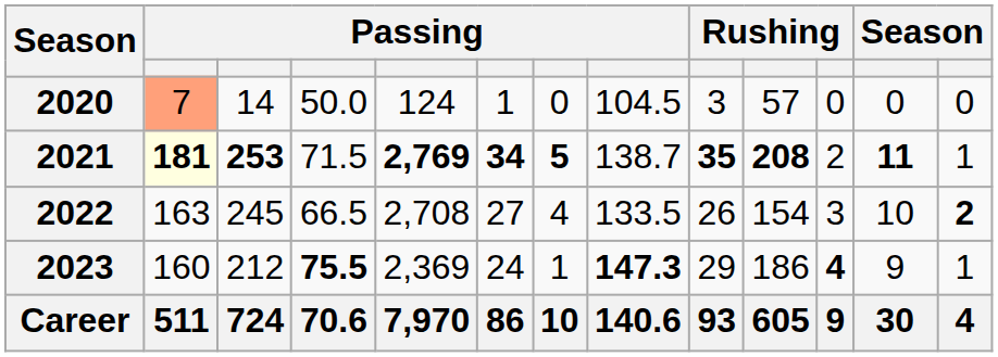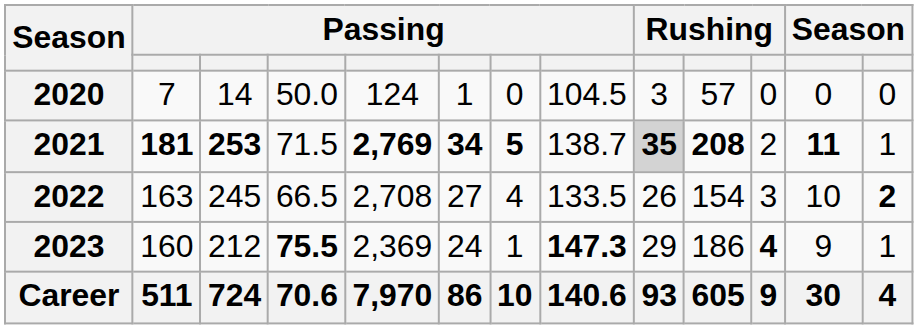 <table class=wikitable style="text-align:center;">
 <tr>
 <th rowspan="2">Season</th>
 <th colspan="7">Passing</th>
 <th colspan="3">Rushing</th>
 <th colspan="2">Season</th>
 </tr>
 <tr>
 <th></th>
 <th></th>
 <th></th>
 <th></th>
 <th></th>
 <th></th>
 <th></th>
 <th></th>
 <th></th>
 <th></th>
 <th></th>
 <th></th>
 </tr>
 <tr>
 <th>2020</th>
-<td style="background: lightsalmon;">7</td>
+<td>7</td>
 <td>14</td>
 <td>50.0</td>
 <td>124</td>
 <td>1</td>
 <td>0</td>
 <td>104.5</td>
 <td>3</td>
 <td>57</td>
 <td>0</td>
 <td>0</td>
 <td>0</td>
 </tr>
 <tr>
 <th>2021</th>
-<td style="background: lightyellow;"><strong>181</strong></td>
+<td><strong>181</strong></td>
 <td><strong>253</strong></td>
 <td>71.5</td>
 <td><strong>2,769</strong></td>
 <td><strong>34</strong></td>
 <td><strong>5</strong></td>
 <td>138.7</td>
-<td><strong>35</strong></td>
+<td style="background: lightgrey;"><strong>35</strong></td>
 <td><strong>208</strong></td>
 <td>2</td>
 <td><strong>11</strong></td>
 <td>1</td>
 </tr>
 <tr>
 <th>2022</th>
 <td>163</td>
 <td>245</td>
 <td>66.5</td>
 <td>2,708</td>
 <td>27</td>
 <td>4</td>
 <td>133.5</td>
 <td>26</td>
 <td>154</td>
 <td>3</td>
 <td>10</td>
 <td><strong>2</strong></td>
 </tr>
 <tr>
 <th>2023</th>
 <td>160</td>
 <td>212</td>
 <td><strong>75.5</strong></td>
 <td>2,369</td>
 <td>24</td>
 <td>1</td>
 <td><strong>147.3</strong></td>
 <td>29</td>
 <td>186</td>
 <td><strong>4</strong></td>
 <td>9</td>
 <td>1</td>
 </tr>
 <tr>
 <th>Career</th>
 <th>511</th>
 <th>724</th>
 <th>70.6</th>
 <th>7,970</th>
 <th>86</th>
 <th>10</th>
 <th>140.6</th>
 <th>93</th>
 <th>605</th>
 <th>9</th>
 <th>30</th>
 <th>4</th>
 </tr>
 </table>
